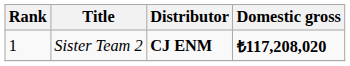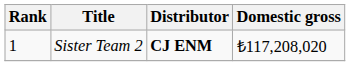 <table class="wikitable sortable" style="margin:auto; margin:auto;">
 <tr>
 <th>Rank</th>
 <th>Title</th>
 <th>Distributor</th>
 <th>Domestic gross</th>
 </tr>
 <tr>
 <td>1</td>
 <td><em>Sister Team 2</em></td>
 <td><strong>CJ ENM</strong></td>
-<td><strong>₺117,208,020</strong></td>
+<td>₺117,208,020</td>
 </tr>
 <tr>
 </tr>
 </table>
